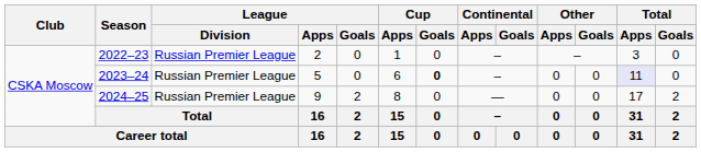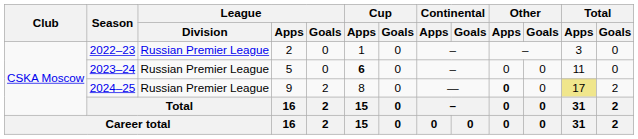 <table class="wikitable" style="text-align:center">
 <tr>
 <th rowspan="2">Club</th>
 <th rowspan="2">Season</th>
 <th colspan="3">League</th>
 <th colspan="2">Cup</th>
 <th colspan="2">Continental</th>
 <th colspan="2">Other</th>
 <th colspan="2">Total</th>
 </tr>
 <tr>
 <th>Division</th>
 <th>Apps</th>
 <th>Goals</th>
 <th>Apps</th>
 <th>Goals</th>
 <th>Apps</th>
 <th>Goals</th>
 <th>Apps</th>
 <th>Goals</th>
 <th>Apps</th>
 <th>Goals</th>
 </tr>
 <tr>
 <td rowspan="4"><a href='#'>CSKA Moscow</a></td>
 <td><a href='#'>2022–23</a></td>
 <td><a href='#'>Russian Premier League</a></td>
 <td>2</td>
 <td>0</td>
 <td>1</td>
 <td>0</td>
 <td colspan="2">–</td>
 <td colspan="2">–</td>
 <td>3</td>
 <td>0</td>
 </tr>
 <tr>
 <td><a href='#'>2023–24</a></td>
 <td>Russian Premier League</td>
 <td>5</td>
 <td>0</td>
-<td>6</td>
-<td><strong>0</strong></td>
+<td><strong>6</strong></td>
+<td>0</td>
 <td colspan="2">–</td>
 <td>0</td>
 <td>0</td>
-<td style="background: lavender;">11</td>
+<td>11</td>
 <td>0</td>
 </tr>
 <tr>
 <td><a href='#'>2024–25</a></td>
 <td>Russian Premier League</td>
 <td>9</td>
 <td>2</td>
 <td>8</td>
 <td>0</td>
 <td colspan="2">—</td>
+<td><strong>0</strong></td>
 <td>0</td>
-<td>0</td>
-<td>17</td>
+<td style="background: khaki;">17</td>
 <td>2</td>
 </tr>
 <tr>
 <th colspan="2">Total</th>
 <th>16</th>
 <th>2</th>
 <th>15</th>
 <th>0</th>
 <th colspan="2">–</th>
 <th>0</th>
 <th>0</th>
 <th>31</th>
 <th>2</th>
 </tr>
 <tr>
 <th colspan="3">Career total</th>
 <th>16</th>
 <th>2</th>
 <th>15</th>
 <th>0</th>
 <th>0</th>
 <th>0</th>
 <th>0</th>
 <th>0</th>
 <th>31</th>
 <th>2</th>
 </tr>
 </table>
